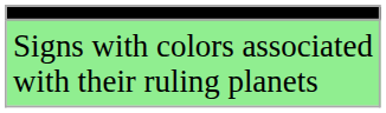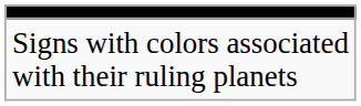 <table class="wikitable floatright">
 <tr>
 <th style="background: black;"></th>
 </tr>
 <tr>
-<td style="background: lightgreen;">Signs with colors associated <br>with their ruling planets</td>
+<td>Signs with colors associated <br>with their ruling planets</td>
 </tr>
 </table>
